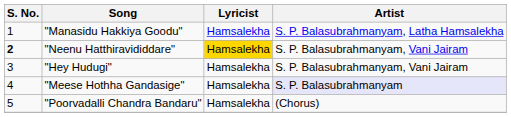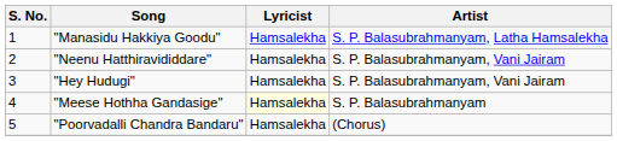 <table class="wikitable">
 <tr>
 <th>S. No.</th>
 <th>Song</th>
 <th>Lyricist</th>
 <th>Artist</th>
 </tr>
 <tr>
 <td>1</td>
 <td>"Manasidu Hakkiya Goodu"</td>
 <td><a href='#'>Hamsalekha</a></td>
 <td><a href='#'>S. P. Balasubrahmanyam</a>, <a href='#'>Latha Hamsalekha</a></td>
 </tr>
 <tr>
-<td><strong>2</strong></td>
+<td>2</td>
 <td>"Neenu Hatthiravididdare"</td>
-<td style="background: gold;">Hamsalekha</td>
+<td>Hamsalekha</td>
 <td>S. P. Balasubrahmanyam, <a href='#'>Vani Jairam</a></td>
 </tr>
 <tr>
 <td>3</td>
 <td>"Hey Hudugi"</td>
 <td>Hamsalekha</td>
 <td>S. P. Balasubrahmanyam, Vani Jairam</td>
 </tr>
 <tr>
 <td>4</td>
 <td>"Meese Hothha Gandasige"</td>
-<td>Hamsalekha</td>
-<td style="background: lavender;">S. P. Balasubrahmanyam</td>
+<td style="background: lightyellow;">Hamsalekha</td>
+<td>S. P. Balasubrahmanyam</td>
 </tr>
 <tr>
 <td>5</td>
 <td>"Poorvadalli Chandra Bandaru"</td>
 <td>Hamsalekha</td>
 <td>(Chorus)</td>
 </tr>
 <tr>
 </tr>
 </table>
